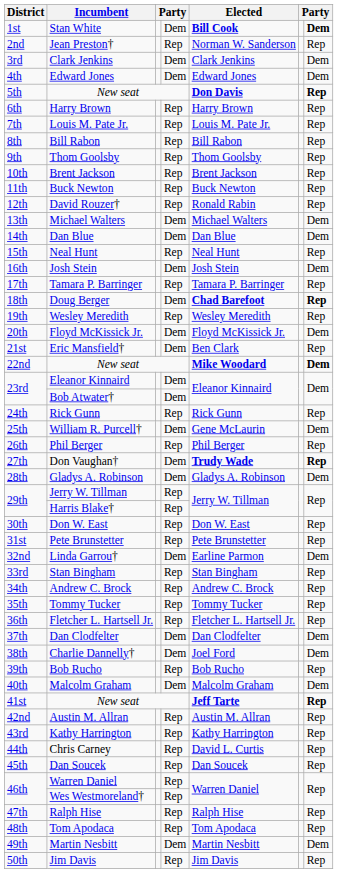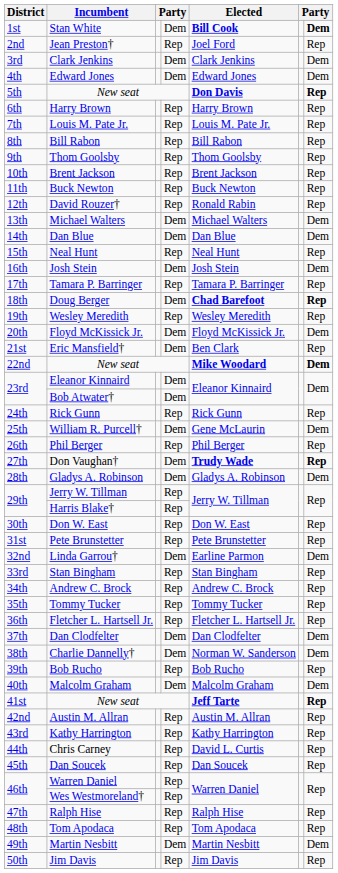 <table class="sortable wikitable" style="font-size:95%;line-height:14px;">
 <tr>
 <th class="unsortable">District</th>
 <th class="unsortable"><a href='#'>Incumbent</a></th>
 <th colspan="2">Party</th>
 <th class="unsortable">Elected</th>
 <th colspan="2">Party</th>
 </tr>
 <tr>
 <td><a href='#'>1st</a></td>
 <td><a href='#'>Stan White</a></td>
 <td style="background:"></td>
 <td>Dem</td>
 <td><strong><a href='#'>Bill Cook</a></strong></td>
 <td style="background:"></td>
 <td><strong>Dem</strong></td>
 </tr>
 <tr>
 <td><a href='#'>2nd</a></td>
 <td><a href='#'>Jean Preston</a>†</td>
 <td style="background:"></td>
 <td>Rep</td>
-<td><a href='#'>Norman W. Sanderson</a></td>
+<td><a href='#'>Joel Ford</a></td>
 <td style="background:"></td>
 <td>Rep</td>
 </tr>
 <tr>
 <td><a href='#'>3rd</a></td>
 <td><a href='#'>Clark Jenkins</a></td>
 <td style="background:"></td>
 <td>Dem</td>
 <td><a href='#'>Clark Jenkins</a></td>
 <td style="background:"></td>
 <td>Dem</td>
 </tr>
 <tr>
 <td><a href='#'>4th</a></td>
 <td><a href='#'>Edward Jones</a></td>
 <td style="background:"></td>
 <td>Dem</td>
 <td><a href='#'>Edward Jones</a></td>
 <td style="background:"></td>
 <td>Dem</td>
 </tr>
 <tr>
 <td><a href='#'>5th</a></td>
 <td colspan=3 align=center><em>New seat</em></td>
 <td><strong><a href='#'>Don Davis</a></strong></td>
 <td style="background:"></td>
 <td><strong>Rep</strong></td>
 </tr>
 <tr>
 <td><a href='#'>6th</a></td>
 <td><a href='#'>Harry Brown</a></td>
 <td style="background:"></td>
 <td>Rep</td>
 <td><a href='#'>Harry Brown</a></td>
 <td style="background:"></td>
 <td>Rep</td>
 </tr>
 <tr>
 <td><a href='#'>7th</a></td>
 <td><a href='#'>Louis M. Pate Jr.</a></td>
 <td style="background:"></td>
 <td>Rep</td>
 <td><a href='#'>Louis M. Pate Jr.</a></td>
 <td style="background:"></td>
 <td>Rep</td>
 </tr>
 <tr>
 <td><a href='#'>8th</a></td>
 <td><a href='#'>Bill Rabon</a></td>
 <td style="background:"></td>
 <td>Rep</td>
 <td><a href='#'>Bill Rabon</a></td>
 <td style="background:"></td>
 <td>Rep</td>
 </tr>
 <tr>
 <td><a href='#'>9th</a></td>
 <td><a href='#'>Thom Goolsby</a></td>
 <td style="background:"></td>
 <td>Rep</td>
 <td><a href='#'>Thom Goolsby</a></td>
 <td style="background:"></td>
 <td>Rep</td>
 </tr>
 <tr>
 <td><a href='#'>10th</a></td>
 <td><a href='#'>Brent Jackson</a></td>
 <td style="background:"></td>
 <td>Rep</td>
 <td><a href='#'>Brent Jackson</a></td>
 <td style="background:"></td>
 <td>Rep</td>
 </tr>
 <tr>
 <td><a href='#'>11th</a></td>
 <td><a href='#'>Buck Newton</a></td>
 <td style="background:"></td>
 <td>Rep</td>
 <td><a href='#'>Buck Newton</a></td>
 <td style="background:"></td>
 <td>Rep</td>
 </tr>
 <tr>
 <td><a href='#'>12th</a></td>
 <td><a href='#'>David Rouzer</a>†</td>
 <td style="background:"></td>
 <td>Rep</td>
 <td><a href='#'>Ronald Rabin</a></td>
 <td style="background:"></td>
 <td>Rep</td>
 </tr>
 <tr>
 <td><a href='#'>13th</a></td>
 <td><a href='#'>Michael Walters</a></td>
 <td style="background:"></td>
 <td>Dem</td>
 <td><a href='#'>Michael Walters</a></td>
 <td style="background:"></td>
 <td>Dem</td>
 </tr>
 <tr>
 <td><a href='#'>14th</a></td>
 <td><a href='#'>Dan Blue</a></td>
 <td style="background:"></td>
 <td>Dem</td>
 <td><a href='#'>Dan Blue</a></td>
 <td style="background:"></td>
 <td>Dem</td>
 </tr>
 <tr>
 <td><a href='#'>15th</a></td>
 <td><a href='#'>Neal Hunt</a></td>
 <td style="background:"></td>
 <td>Rep</td>
 <td><a href='#'>Neal Hunt</a></td>
 <td style="background:"></td>
 <td>Rep</td>
 </tr>
 <tr>
 <td><a href='#'>16th</a></td>
 <td><a href='#'>Josh Stein</a></td>
 <td style="background:"></td>
 <td>Dem</td>
 <td><a href='#'>Josh Stein</a></td>
 <td style="background:"></td>
 <td>Dem</td>
 </tr>
 <tr>
 <td><a href='#'>17th</a></td>
 <td><a href='#'>Tamara P. Barringer</a></td>
 <td style="background:"></td>
 <td>Rep</td>
 <td><a href='#'>Tamara P. Barringer</a></td>
 <td style="background:"></td>
 <td>Rep</td>
 </tr>
 <tr>
 <td><a href='#'>18th</a></td>
 <td><a href='#'>Doug Berger</a></td>
 <td style="background:"></td>
 <td>Dem</td>
 <td><strong><a href='#'>Chad Barefoot</a></strong></td>
 <td style="background:"></td>
 <td><strong>Rep</strong></td>
 </tr>
 <tr>
 <td><a href='#'>19th</a></td>
 <td><a href='#'>Wesley Meredith</a></td>
 <td style="background:"></td>
 <td>Rep</td>
 <td><a href='#'>Wesley Meredith</a></td>
 <td style="background:"></td>
 <td>Rep</td>
 </tr>
 <tr>
 <td><a href='#'>20th</a></td>
 <td><a href='#'>Floyd McKissick Jr.</a></td>
 <td style="background:"></td>
 <td>Dem</td>
 <td><a href='#'>Floyd McKissick Jr.</a></td>
 <td style="background:"></td>
 <td>Dem</td>
 </tr>
 <tr>
 <td><a href='#'>21st</a></td>
 <td><a href='#'>Eric Mansfield</a>†</td>
 <td style="background:"></td>
 <td>Dem</td>
 <td><a href='#'>Ben Clark</a></td>
 <td style="background:"></td>
 <td>Rep</td>
 </tr>
 <tr>
 <td><a href='#'>22nd</a></td>
 <td colspan=3 align=center><em>New seat</em></td>
 <td><strong><a href='#'>Mike Woodard</a></strong></td>
 <td style="background:"></td>
 <td><strong>Dem</strong></td>
 </tr>
 <tr>
 <td rowspan=2><a href='#'>23rd</a></td>
 <td><a href='#'>Eleanor Kinnaird</a></td>
 <td style="background:"></td>
 <td>Dem</td>
 <td rowspan=2><a href='#'>Eleanor Kinnaird</a></td>
 <td rowspan=2 style="background:"></td>
 <td rowspan=2>Dem</td>
 </tr>
 <tr>
 <td><a href='#'>Bob Atwater</a>†</td>
 <td style="background:"></td>
 <td>Dem</td>
 </tr>
 <tr>
 <td><a href='#'>24th</a></td>
 <td><a href='#'>Rick Gunn</a></td>
 <td style="background:"></td>
 <td>Rep</td>
 <td><a href='#'>Rick Gunn</a></td>
 <td style="background:"></td>
 <td>Rep</td>
 </tr>
 <tr>
 <td><a href='#'>25th</a></td>
 <td><a href='#'>William R. Purcell</a>†</td>
 <td style="background:"></td>
 <td>Dem</td>
 <td><a href='#'>Gene McLaurin</a></td>
 <td style="background:"></td>
 <td>Dem</td>
 </tr>
 <tr>
 <td><a href='#'>26th</a></td>
 <td><a href='#'>Phil Berger</a></td>
 <td style="background:"></td>
 <td>Rep</td>
 <td><a href='#'>Phil Berger</a></td>
 <td style="background:"></td>
 <td>Rep</td>
 </tr>
 <tr>
 <td><a href='#'>27th</a></td>
 <td>Don Vaughan†</td>
 <td style="background:"></td>
 <td>Dem</td>
 <td><strong><a href='#'>Trudy Wade</a></strong></td>
 <td style="background:"></td>
 <td><strong>Rep</strong></td>
 </tr>
 <tr>
 <td><a href='#'>28th</a></td>
 <td><a href='#'>Gladys A. Robinson</a></td>
 <td style="background:"></td>
 <td>Dem</td>
 <td><a href='#'>Gladys A. Robinson</a></td>
 <td style="background:"></td>
 <td>Dem</td>
 </tr>
 <tr>
 <td rowspan=2><a href='#'>29th</a></td>
 <td><a href='#'>Jerry W. Tillman</a></td>
 <td style="background:"></td>
 <td>Rep</td>
 <td rowspan=2><a href='#'>Jerry W. Tillman</a></td>
 <td rowspan=2 style="background:"></td>
 <td rowspan=2>Rep</td>
 </tr>
 <tr>
 <td><a href='#'>Harris Blake</a>†</td>
 <td style="background:"></td>
 <td>Rep</td>
 </tr>
 <tr>
 <td><a href='#'>30th</a></td>
 <td><a href='#'>Don W. East</a></td>
 <td style="background:"></td>
 <td>Rep</td>
 <td><a href='#'>Don W. East</a></td>
 <td style="background:"></td>
 <td>Rep</td>
 </tr>
 <tr>
 <td><a href='#'>31st</a></td>
 <td><a href='#'>Pete Brunstetter</a></td>
 <td style="background:"></td>
 <td>Rep</td>
 <td><a href='#'>Pete Brunstetter</a></td>
 <td style="background:"></td>
 <td>Rep</td>
 </tr>
 <tr>
 <td><a href='#'>32nd</a></td>
 <td><a href='#'>Linda Garrou</a>†</td>
 <td style="background:"></td>
 <td>Dem</td>
 <td><a href='#'>Earline Parmon</a></td>
 <td style="background:"></td>
 <td>Dem</td>
 </tr>
 <tr>
 <td><a href='#'>33rd</a></td>
 <td><a href='#'>Stan Bingham</a></td>
 <td style="background:"></td>
 <td>Rep</td>
 <td><a href='#'>Stan Bingham</a></td>
 <td style="background:"></td>
 <td>Rep</td>
 </tr>
 <tr>
 <td><a href='#'>34th</a></td>
 <td><a href='#'>Andrew C. Brock</a></td>
 <td style="background:"></td>
 <td>Rep</td>
 <td><a href='#'>Andrew C. Brock</a></td>
 <td style="background:"></td>
 <td>Rep</td>
 </tr>
 <tr>
 <td><a href='#'>35th</a></td>
 <td><a href='#'>Tommy Tucker</a></td>
 <td style="background:"></td>
 <td>Rep</td>
 <td><a href='#'>Tommy Tucker</a></td>
 <td style="background:"></td>
 <td>Rep</td>
 </tr>
 <tr>
 <td><a href='#'>36th</a></td>
 <td><a href='#'>Fletcher L. Hartsell Jr.</a></td>
 <td style="background:"></td>
 <td>Rep</td>
 <td><a href='#'>Fletcher L. Hartsell Jr.</a></td>
 <td style="background:"></td>
 <td>Rep</td>
 </tr>
 <tr>
 <td><a href='#'>37th</a></td>
 <td><a href='#'>Dan Clodfelter</a></td>
 <td style="background:"></td>
 <td>Dem</td>
 <td><a href='#'>Dan Clodfelter</a></td>
 <td style="background:"></td>
 <td>Dem</td>
 </tr>
 <tr>
 <td><a href='#'>38th</a></td>
 <td><a href='#'>Charlie Dannelly</a>†</td>
 <td style="background:"></td>
 <td>Dem</td>
-<td><a href='#'>Joel Ford</a></td>
+<td><a href='#'>Norman W. Sanderson</a></td>
 <td style="background:"></td>
 <td>Dem</td>
 </tr>
 <tr>
 <td><a href='#'>39th</a></td>
 <td><a href='#'>Bob Rucho</a></td>
 <td style="background:"></td>
 <td>Rep</td>
 <td><a href='#'>Bob Rucho</a></td>
 <td style="background:"></td>
 <td>Rep</td>
 </tr>
 <tr>
 <td><a href='#'>40th</a></td>
 <td><a href='#'>Malcolm Graham</a></td>
 <td style="background:"></td>
 <td>Dem</td>
 <td><a href='#'>Malcolm Graham</a></td>
 <td style="background:"></td>
 <td>Dem</td>
 </tr>
 <tr>
 <td><a href='#'>41st</a></td>
 <td colspan=3 align=center><em>New seat</em></td>
 <td><strong><a href='#'>Jeff Tarte</a></strong></td>
 <td style="background:"></td>
 <td><strong>Rep</strong></td>
 </tr>
 <tr>
 <td><a href='#'>42nd</a></td>
 <td><a href='#'>Austin M. Allran</a></td>
 <td style="background:"></td>
 <td>Rep</td>
 <td><a href='#'>Austin M. Allran</a></td>
 <td style="background:"></td>
 <td>Rep</td>
 </tr>
 <tr>
 <td><a href='#'>43rd</a></td>
 <td><a href='#'>Kathy Harrington</a></td>
 <td style="background:"></td>
 <td>Rep</td>
 <td><a href='#'>Kathy Harrington</a></td>
 <td style="background:"></td>
 <td>Rep</td>
 </tr>
 <tr>
 <td><a href='#'>44th</a></td>
 <td>Chris Carney</td>
 <td style="background:"></td>
 <td>Rep</td>
 <td><a href='#'>David L. Curtis</a></td>
 <td style="background:"></td>
 <td>Rep</td>
 </tr>
 <tr>
 <td><a href='#'>45th</a></td>
 <td><a href='#'>Dan Soucek</a></td>
 <td style="background:"></td>
 <td>Rep</td>
 <td><a href='#'>Dan Soucek</a></td>
 <td style="background:"></td>
 <td>Rep</td>
 </tr>
 <tr>
 <td rowspan=2><a href='#'>46th</a></td>
 <td><a href='#'>Warren Daniel</a></td>
 <td style="background:"></td>
 <td>Rep</td>
 <td rowspan=2><a href='#'>Warren Daniel</a></td>
 <td rowspan=2 style="background:"></td>
 <td rowspan=2>Rep</td>
 </tr>
 <tr>
 <td><a href='#'>Wes Westmoreland</a>†</td>
 <td style="background:"></td>
 <td>Rep</td>
 </tr>
 <tr>
 <td><a href='#'>47th</a></td>
 <td><a href='#'>Ralph Hise</a></td>
 <td style="background:"></td>
 <td>Rep</td>
 <td><a href='#'>Ralph Hise</a></td>
 <td style="background:"></td>
 <td>Rep</td>
 </tr>
 <tr>
 <td><a href='#'>48th</a></td>
 <td><a href='#'>Tom Apodaca</a></td>
 <td style="background:"></td>
 <td>Rep</td>
 <td><a href='#'>Tom Apodaca</a></td>
 <td style="background:"></td>
 <td>Rep</td>
 </tr>
 <tr>
 <td><a href='#'>49th</a></td>
 <td><a href='#'>Martin Nesbitt</a></td>
 <td style="background:"></td>
 <td>Dem</td>
 <td><a href='#'>Martin Nesbitt</a></td>
 <td style="background:"></td>
 <td>Dem</td>
 </tr>
 <tr>
 <td><a href='#'>50th</a></td>
 <td><a href='#'>Jim Davis</a></td>
 <td style="background:"></td>
 <td>Rep</td>
 <td><a href='#'>Jim Davis</a></td>
 <td style="background:"></td>
 <td>Rep</td>
 </tr>
 </table>
